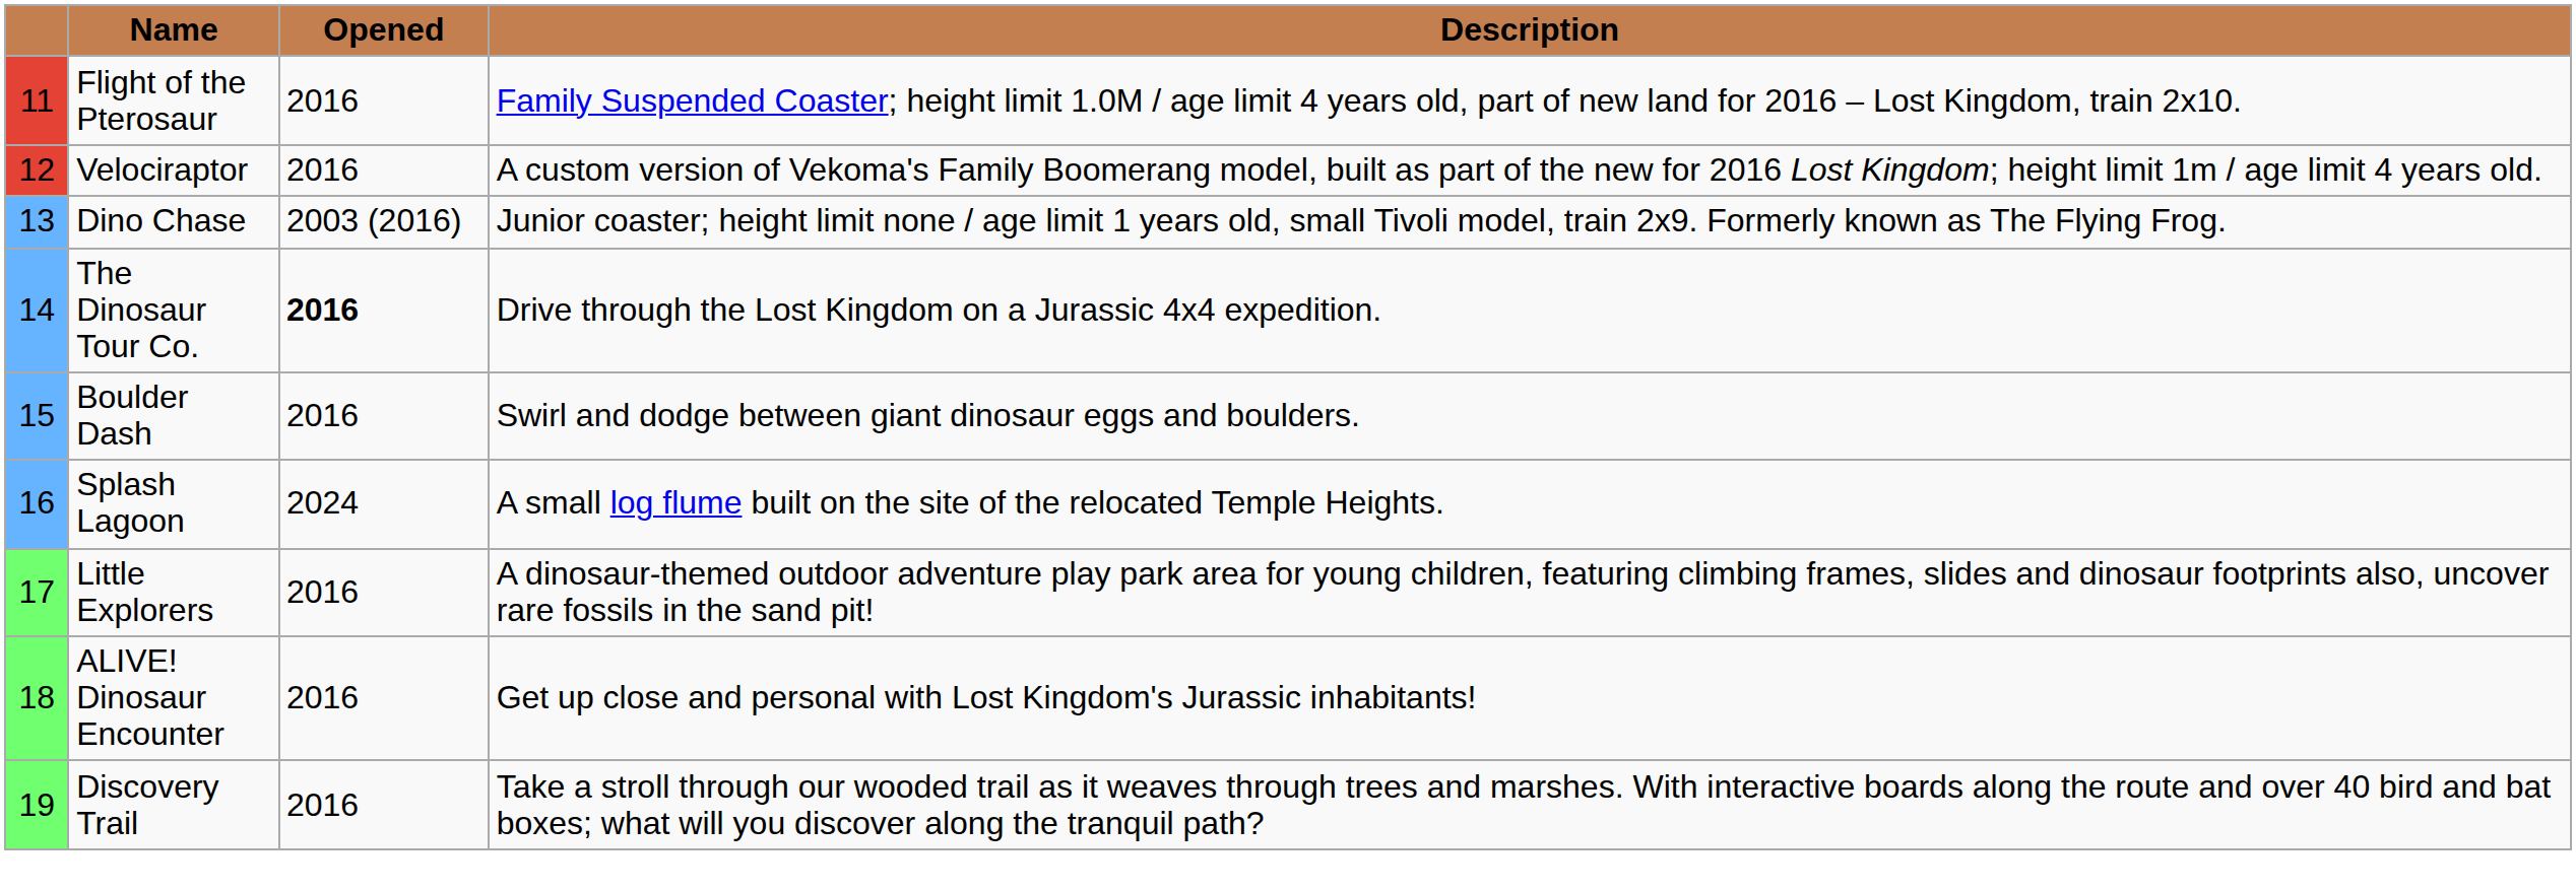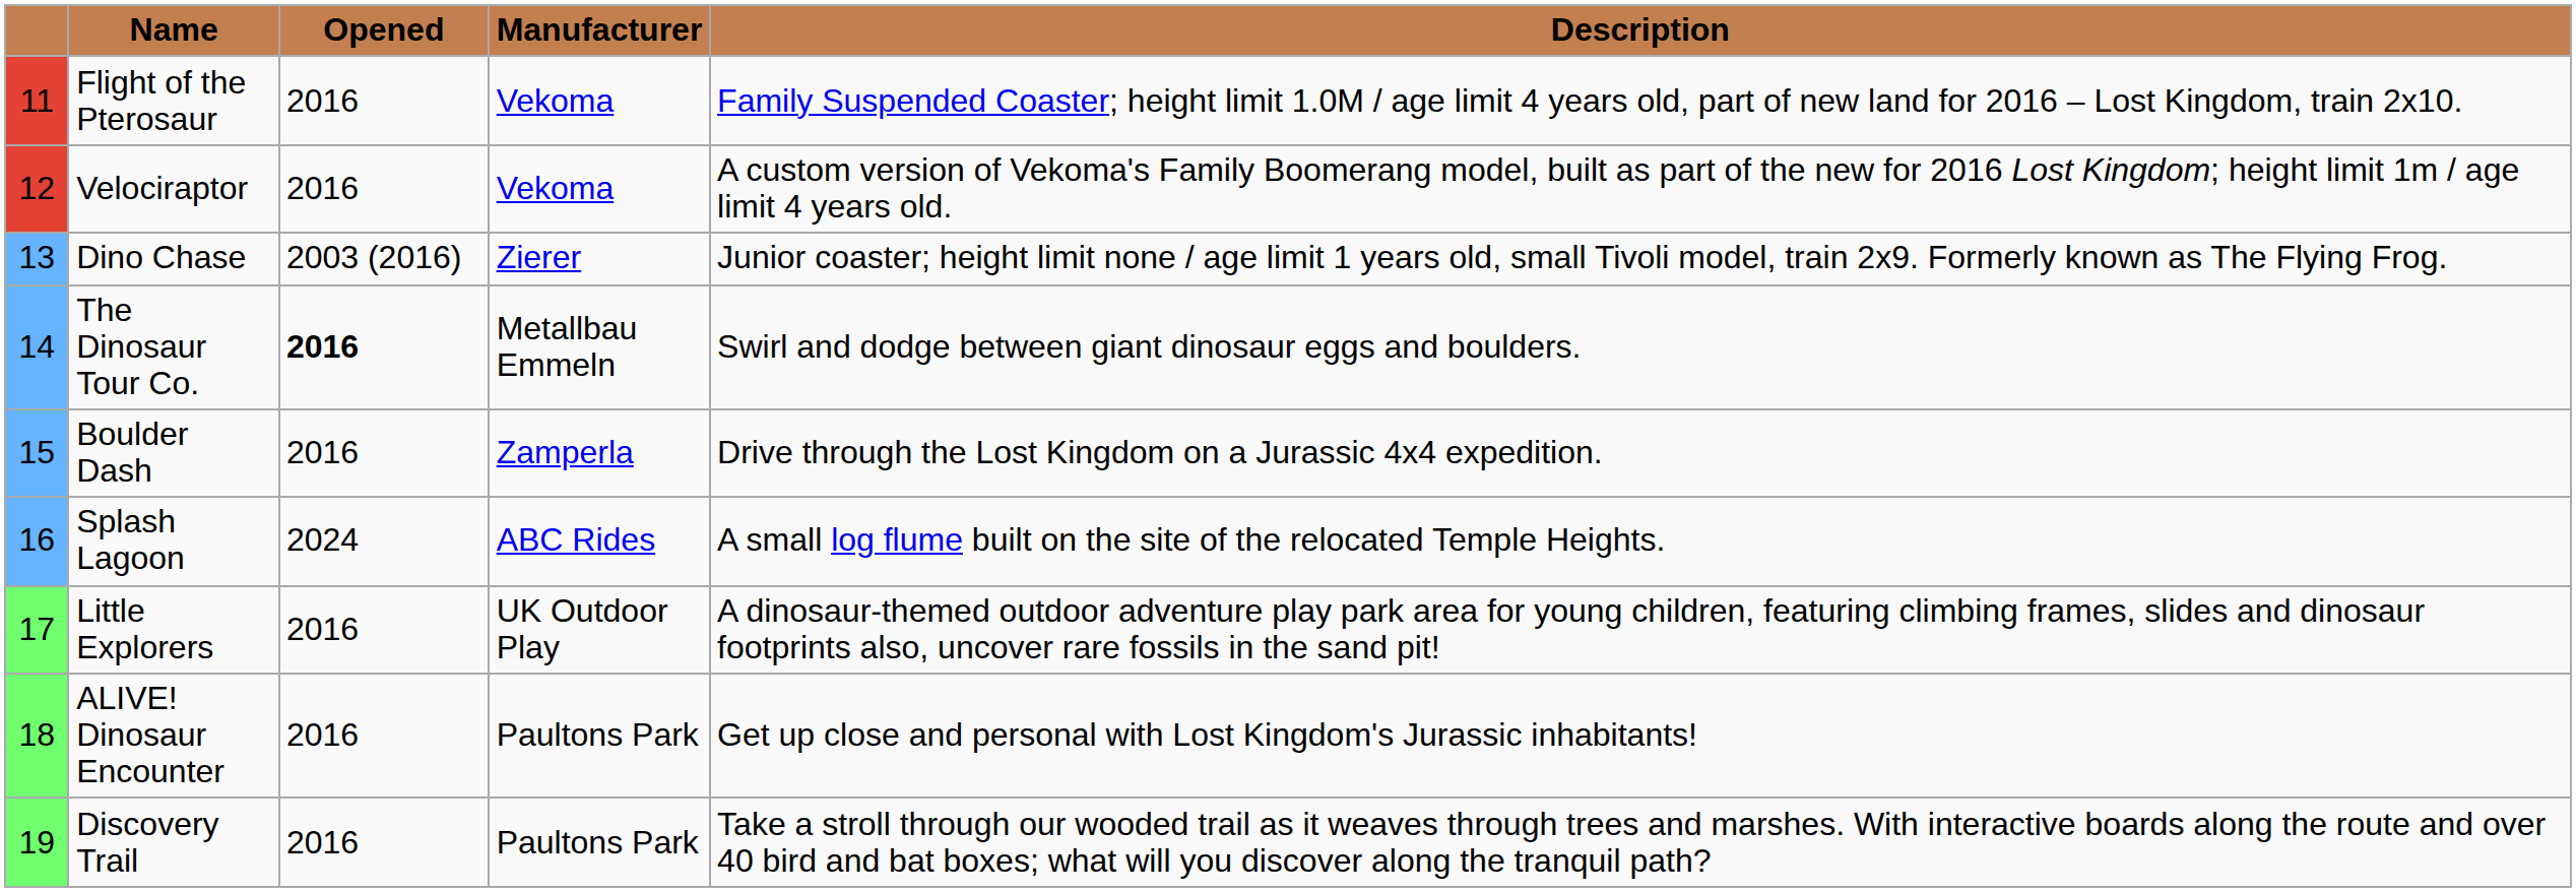 <table class="wikitable" style="width: 100%; font sizes: 95%;">
 <tr>
 <th style="background-color: #c37f50; width: 1.5em;"></th>
 <th style="background-color: #c37f50; width: 6em;">Name</th>
 <th style="background-color: #c37f50; width: 6em;">Opened</th>
+<th style="background-color: #c37f50; width: 6em;">Manufacturer</th>
 <th style="background-color: #c37f50;">Description</th>
 </tr>
 <tr>
 <td bgcolor="#e34234" style="text-align: center;">11</td>
 <td>Flight of the Pterosaur</td>
 <td>2016</td>
+<td><a href='#'>Vekoma</a></td>
 <td><a href='#'>Family Suspended Coaster</a>; height limit 1.0M / age limit 4 years old, part of new land for 2016 – Lost Kingdom, train 2x10.</td>
 </tr>
 <tr>
 <td bgcolor="#e34234" style="text-align: center;">12</td>
 <td>Velociraptor</td>
 <td>2016</td>
+<td><a href='#'>Vekoma</a></td>
 <td>A custom version of Vekoma's Family Boomerang model, built as part of the new for 2016 <em>Lost Kingdom</em>; height limit 1m / age limit 4 years old.</td>
 </tr>
 <tr>
 <td bgcolor="#66b3ff" style="text-align: center;">13</td>
 <td>Dino Chase</td>
 <td>2003 (2016)</td>
+<td><a href='#'>Zierer</a></td>
 <td>Junior coaster; height limit none / age limit 1 years old, small Tivoli model, train 2x9. Formerly known as The Flying Frog.</td>
 </tr>
 <tr>
 <td bgcolor="#66b3ff" style="text-align: center;">14</td>
 <td>The Dinosaur Tour Co.</td>
 <td><strong>2016</strong></td>
-<td>Drive through the Lost Kingdom on a Jurassic 4x4 expedition.</td>
+<td>Metallbau Emmeln</td>
+<td>Swirl and dodge between giant dinosaur eggs and boulders.</td>
 </tr>
 <tr>
 <td bgcolor="#66b3ff" style="text-align: center;">15</td>
 <td>Boulder Dash</td>
 <td>2016</td>
-<td>Swirl and dodge between giant dinosaur eggs and boulders.</td>
+<td><a href='#'>Zamperla</a></td>
+<td>Drive through the Lost Kingdom on a Jurassic 4x4 expedition.</td>
 </tr>
 <tr>
 <td bgcolor="#66b3ff" style="text-align: center;">16</td>
 <td>Splash Lagoon</td>
 <td>2024</td>
+<td><a href='#'>ABC Rides</a></td>
 <td>A small <a href='#'>log flume</a> built on the site of the relocated Temple Heights.</td>
 </tr>
 <tr>
 <td bgcolor="#70FF6E" style="text-align: center;">17</td>
 <td>Little Explorers</td>
 <td>2016</td>
+<td>UK Outdoor Play</td>
 <td>A dinosaur-themed outdoor adventure play park area for young children, featuring climbing frames, slides and dinosaur footprints also, uncover rare fossils in the sand pit!</td>
 </tr>
 <tr>
 <td bgcolor="#70FF6E" style="text-align: center;">18</td>
 <td>ALIVE! Dinosaur Encounter</td>
 <td>2016</td>
+<td>Paultons Park</td>
 <td>Get up close and personal with Lost Kingdom's Jurassic inhabitants!</td>
 </tr>
 <tr>
 <td bgcolor="#70FF6E" style="text-align: center;">19</td>
 <td>Discovery Trail</td>
 <td>2016</td>
+<td>Paultons Park</td>
 <td>Take a stroll through our wooded trail as it weaves through trees and marshes. With interactive boards along the route and over 40 bird and bat boxes; what will you discover along the tranquil path?</td>
 </tr>
 </table>
